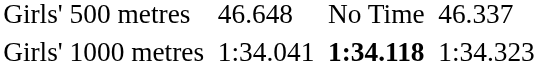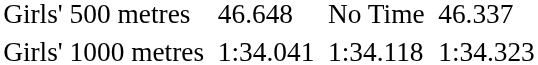 <table>
 <tr>
 <td>Girls' 500 metres<br></td>
 <td></td>
 <td>46.648</td>
 <td></td>
 <td>No Time</td>
 <td></td>
 <td>46.337</td>
 </tr>
 <tr>
 <td>Girls' 1000 metres<br></td>
 <td></td>
 <td>1:34.041</td>
 <td></td>
-<td><strong>1:34.118</strong></td>
+<td>1:34.118</td>
 <td></td>
 <td>1:34.323</td>
 </tr>
 </table>
